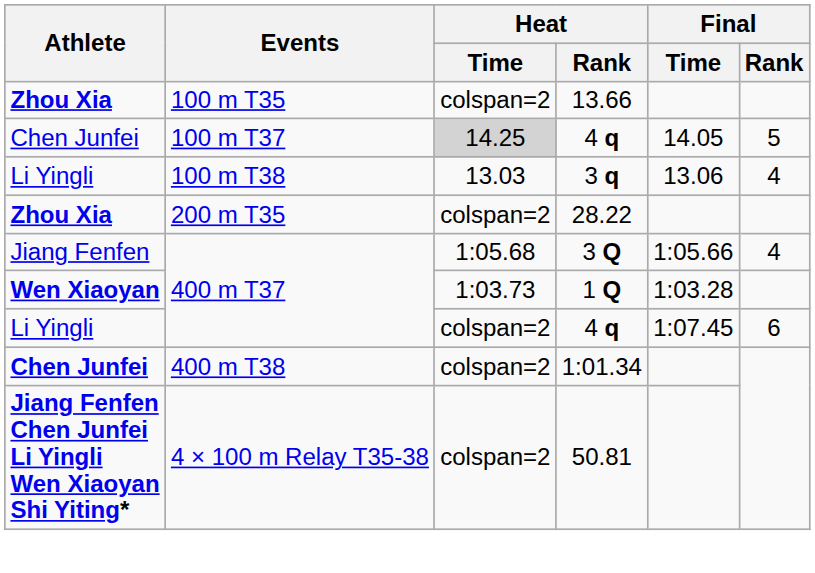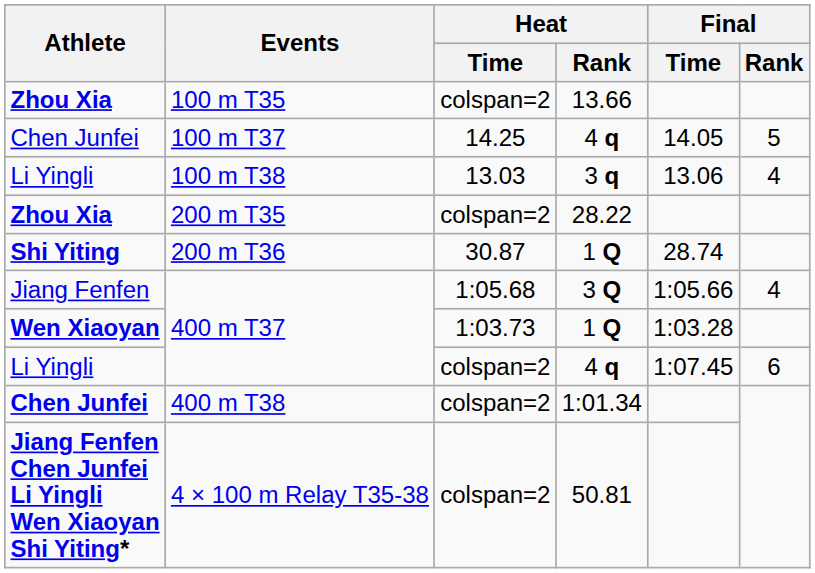 <table class=wikitable style="text-align: center; font-size:90%">
 <tr>
 <th rowspan="2">Athlete</th>
 <th rowspan="2">Events</th>
 <th colspan="2">Heat</th>
 <th colspan="2">Final</th>
 </tr>
 <tr>
 <th>Time</th>
 <th>Rank</th>
 <th>Time</th>
 <th>Rank</th>
 </tr>
 <tr>
 <td align=left><strong><a href='#'>Zhou Xia</a></strong></td>
 <td align=left><a href='#'>100 m T35</a></td>
 <td>colspan=2 </td>
 <td>13.66</td>
 <td></td>
 </tr>
 <tr>
 <td align=left><a href='#'>Chen Junfei</a></td>
 <td align=left><a href='#'>100 m T37</a></td>
-<td style="background: lightgrey;">14.25</td>
+<td>14.25</td>
 <td>4 <strong>q</strong></td>
 <td>14.05</td>
 <td>5</td>
 </tr>
 <tr>
 <td align=left><a href='#'>Li Yingli</a></td>
 <td align=left><a href='#'>100 m T38</a></td>
 <td>13.03</td>
 <td>3 <strong>q</strong></td>
 <td>13.06</td>
 <td>4</td>
 </tr>
 <tr>
 <td align=left><strong><a href='#'>Zhou Xia</a></strong></td>
 <td align=left><a href='#'>200 m T35</a></td>
 <td>colspan=2 </td>
 <td>28.22 </td>
+<td></td>
+</tr>
+<tr>
+<td align=left><strong><a href='#'>Shi Yiting</a></strong></td>
+<td align=left><a href='#'>200 m T36</a></td>
+<td>30.87</td>
+<td>1 <strong>Q</strong></td>
+<td>28.74</td>
 <td></td>
 </tr>
 <tr>
 <td align=left><a href='#'>Jiang Fenfen</a></td>
 <td align=left rowspan=3><a href='#'>400 m T37</a></td>
 <td>1:05.68</td>
 <td>3 <strong>Q</strong></td>
 <td>1:05.66</td>
 <td>4</td>
 </tr>
 <tr>
 <td align=left><strong><a href='#'>Wen Xiaoyan</a></strong></td>
 <td>1:03.73</td>
 <td>1 <strong>Q</strong></td>
 <td>1:03.28</td>
 <td></td>
 </tr>
 <tr>
 <td align=left><a href='#'>Li Yingli</a></td>
 <td>colspan=2 </td>
 <td>4 <strong>q</strong></td>
 <td>1:07.45</td>
 <td>6</td>
 </tr>
 <tr>
 <td align=left><strong><a href='#'>Chen Junfei</a></strong></td>
 <td align=left><a href='#'>400 m T38</a></td>
 <td>colspan=2 </td>
 <td>1:01.34</td>
 <td></td>
 </tr>
 <tr>
 <td align=left><strong><a href='#'>Jiang Fenfen</a><br><a href='#'>Chen Junfei</a><br><a href='#'>Li Yingli</a><br><a href='#'>Wen Xiaoyan</a><br><a href='#'>Shi Yiting</a>*</strong></td>
 <td align=left><a href='#'>4 × 100 m Relay T35-38</a></td>
 <td>colspan=2 </td>
 <td>50.81 </td>
 <td></td>
 </tr>
 </table>
